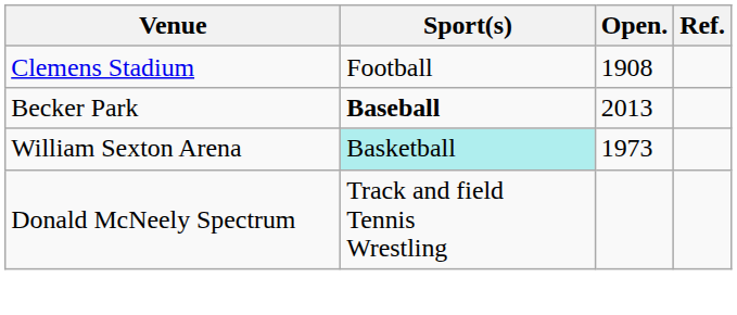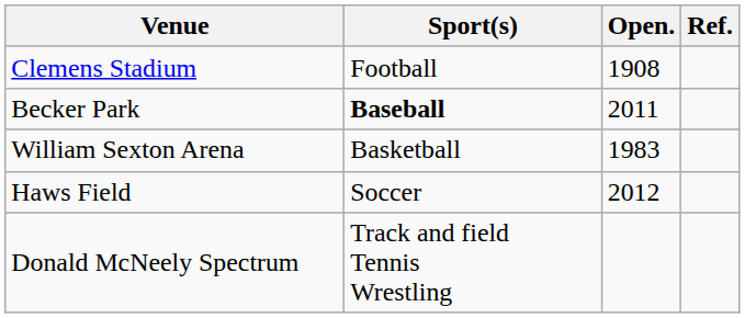 <table class="wikitable"; style= "text-align: ">
 <tr>
 <th width=200px>Venue</th>
 <th width=150px>Sport(s)</th>
 <th width=px>Open.</th>
 <th width=px>Ref.</th>
 </tr>
 <tr>
 <td><a href='#'>Clemens Stadium</a></td>
 <td>Football</td>
 <td>1908</td>
 <td></td>
 </tr>
 <tr>
 <td>Becker Park</td>
 <td><strong>Baseball</strong></td>
-<td>2013</td>
+<td>2011</td>
 <td></td>
 </tr>
 <tr>
 <td>William Sexton Arena</td>
-<td style="background: paleturquoise;">Basketball</td>
-<td>1973</td>
+<td>Basketball</td>
+<td>1983</td>
+<td></td>
+</tr>
+<tr>
+<td>Haws Field</td>
+<td>Soccer</td>
+<td>2012</td>
 <td></td>
 </tr>
 <tr>
 <td>Donald McNeely Spectrum</td>
 <td>Track and field  <br> Tennis <br> Wrestling</td>
 <td></td>
 <td></td>
 </tr>
 </table>
